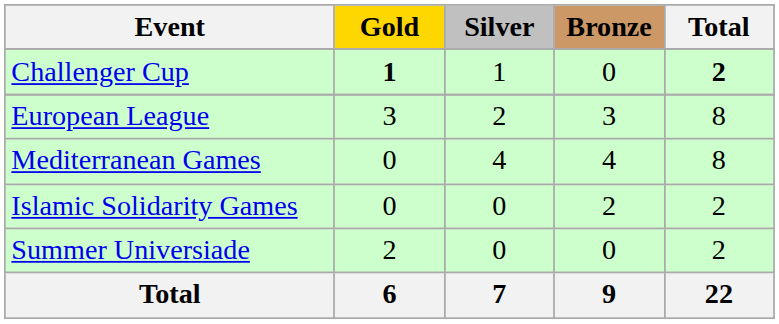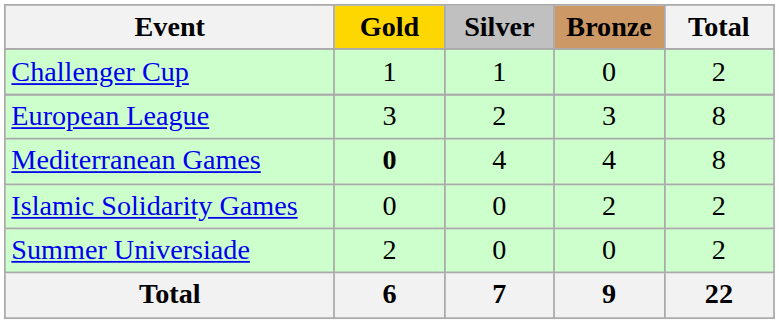 <table class="wikitable sortable" style="text-align:center;">
 <tr>
 <th width=180>Event</th>
 <th scope="col" style="background:gold; width:55px;">Gold</th>
 <th scope="col" style="background:silver; width:55px;">Silver</th>
 <th scope="col" style="background:#cc9966; width:55px;">Bronze</th>
 <th width=55>Total</th>
 </tr>
 <tr>
 </tr>
 <tr bgcolor=#ccffcc>
 <td align=left><a href='#'>Challenger Cup</a></td>
-<td><strong>1</strong></td>
+<td>1</td>
 <td>1</td>
 <td>0</td>
-<td><strong>2</strong></td>
+<td>2</td>
 </tr>
 <tr bgcolor=#ccffcc>
 </tr>
 <tr>
 </tr>
 <tr bgcolor=#ccffcc>
 <td align=left><a href='#'>European League</a></td>
 <td>3</td>
 <td>2</td>
 <td>3</td>
 <td>8</td>
 </tr>
 <tr bgcolor=#ccffcc>
 <td align=left><a href='#'>Mediterranean Games</a></td>
-<td>0</td>
+<td><strong>0</strong></td>
 <td>4</td>
 <td>4</td>
 <td>8</td>
 </tr>
 <tr bgcolor=#ccffcc>
 <td align=left><a href='#'>Islamic Solidarity Games</a></td>
 <td>0</td>
 <td>0</td>
 <td>2</td>
 <td>2</td>
 </tr>
 <tr bgcolor=#ccffcc>
 <td align=left><a href='#'>Summer Universiade</a></td>
 <td>2</td>
 <td>0</td>
 <td>0</td>
 <td>2</td>
 </tr>
 <tr>
 <th>Total</th>
 <th>6</th>
 <th>7</th>
 <th>9</th>
 <th>22</th>
 </tr>
 </table>
